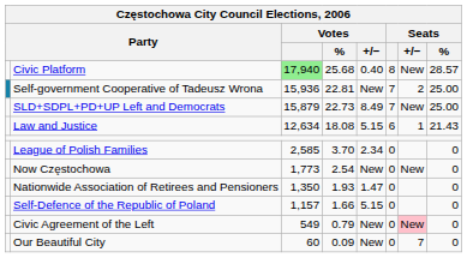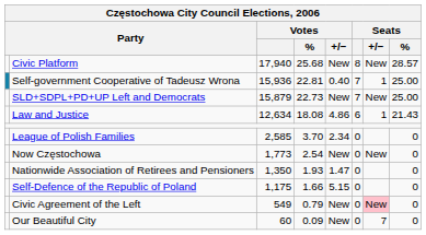 <table class="wikitable">
 <tr>
 <th colspan=8>Częstochowa City Council Elections, 2006</th>
 </tr>
 <tr>
 <th rowspan="2" colspan="2">Party</th>
 <th colspan="3">Votes</th>
 <th colspan="3">Seats</th>
 </tr>
 <tr>
 <th></th>
 <th>%</th>
 <th>+/−</th>
 <th></th>
 <th>+/−</th>
 <th>%</th>
 </tr>
 <tr>
 <td style="background-color:"></td>
 <td><a href='#'>Civic Platform</a></td>
-<td align="right" style="background: lightgreen;">17,940</td>
+<td align="right">17,940</td>
 <td align="right">25.68</td>
-<td align="right"> 0.40</td>
+<td align="right">New</td>
 <td align="right">8</td>
 <td align="right">New</td>
 <td align="right">28.57</td>
 </tr>
 <tr>
 <td style="background-color:#1482a8"></td>
 <td>Self-government Cooperative of Tadeusz Wrona</td>
 <td align="right">15,936</td>
 <td align="right">22.81</td>
-<td align="right">New</td>
+<td align="right"> 0.40</td>
 <td align="right">7</td>
-<td align="right"> 2</td>
+<td align="right"> 1</td>
 <td align="right">25.00</td>
 </tr>
 <tr>
 <td style="background-color:"></td>
 <td><a href='#'>SLD+SDPL+PD+UP Left and Democrats</a></td>
 <td align="right">15,879</td>
 <td align="right">22.73</td>
-<td align="right"> 8.49</td>
+<td align="right">New</td>
 <td align="right">7</td>
 <td align="right">New</td>
 <td align="right">25.00</td>
 </tr>
 <tr>
 <td style="background-color:"></td>
 <td><a href='#'>Law and Justice</a></td>
 <td align="right">12,634</td>
 <td align="right">18.08</td>
-<td align="right"> 5.15</td>
+<td align="right"> 4.86</td>
 <td align="right">6</td>
 <td align="right"> 1</td>
 <td align="right">21.43</td>
 </tr>
 <tr>
 <td colspan=8></td>
 </tr>
 <tr>
 <td style="background-color:"></td>
 <td><a href='#'>League of Polish Families</a></td>
 <td align="right">2,585</td>
 <td align="right">3.70</td>
 <td align="right"> 2.34</td>
 <td align="right">0</td>
 <td align="right"></td>
 <td align="right">0</td>
 </tr>
 <tr>
 <td style="background-color:"></td>
 <td>Now Częstochowa</td>
 <td align="right">1,773</td>
 <td align="right">2.54</td>
 <td align="right">New</td>
 <td align="right">0</td>
 <td align="right">New</td>
 <td align="right">0</td>
 </tr>
 <tr>
 <td style="background-color:"></td>
 <td>Nationwide Association of Retirees and Pensioners</td>
 <td align="right">1,350</td>
 <td align="right">1.93</td>
 <td align="right"> 1.47</td>
 <td align="right">0</td>
 <td align="right"></td>
 <td align="right">0</td>
 </tr>
 <tr>
 <td style="background-color:"></td>
 <td><a href='#'>Self-Defence of the Republic of Poland</a></td>
-<td align="right">1,157</td>
+<td align="right">1,175</td>
 <td align="right">1.66</td>
 <td align="right"> 5.15</td>
 <td align="right">0</td>
 <td align="right"></td>
 <td align="right">0</td>
 </tr>
 <tr>
 <td style="background-color:"></td>
 <td>Civic Agreement of the Left</td>
 <td align="right">549</td>
 <td align="right">0.79</td>
 <td align="right">New</td>
 <td align="right">0</td>
 <td align="right" style="background: pink;">New</td>
 <td align="right">0</td>
 </tr>
 <tr>
 <td style="background-color:"></td>
 <td>Our Beautiful City</td>
 <td align="right">60</td>
 <td align="right">0.09</td>
 <td align="right">New</td>
 <td align="right">0</td>
 <td align="right"> 7</td>
 <td align="right">0</td>
 </tr>
 </table>
